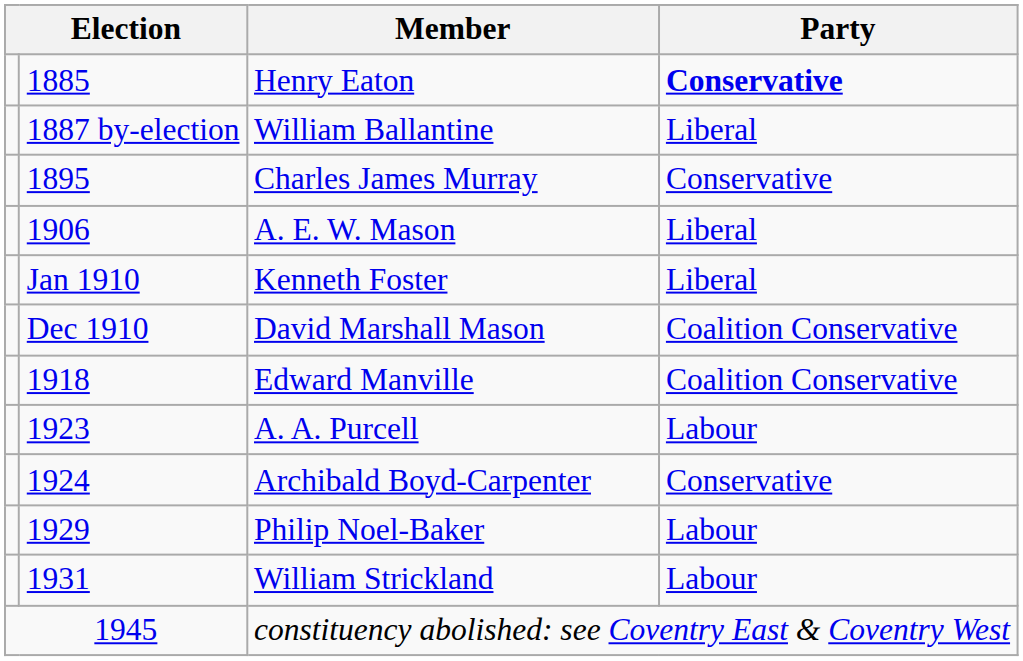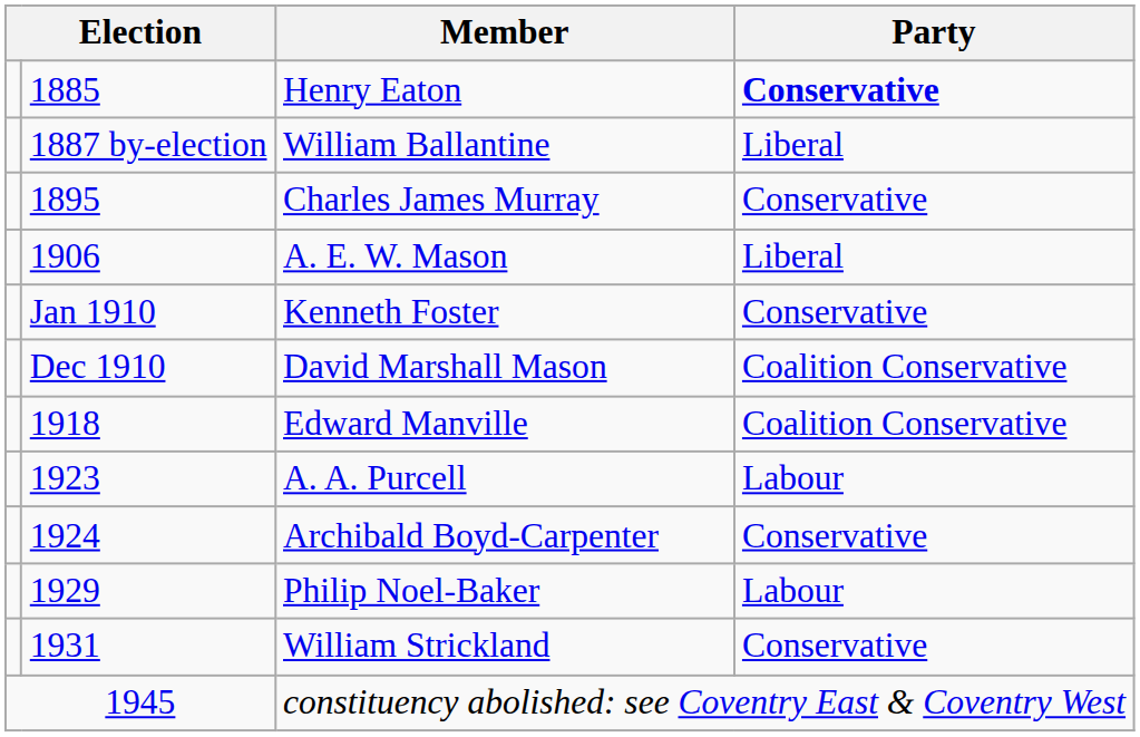 <table class="wikitable">
 <tr>
 <th colspan="2">Election</th>
 <th>Member</th>
 <th>Party</th>
 </tr>
 <tr>
 <td style="color:inherit;background-color: "></td>
 <td><a href='#'>1885</a></td>
 <td><a href='#'>Henry Eaton</a></td>
 <td><strong><a href='#'>Conservative</a></strong></td>
 </tr>
 <tr>
 <td style="color:inherit;background-color: "></td>
 <td><a href='#'>1887 by-election</a></td>
 <td><a href='#'>William Ballantine</a></td>
 <td><a href='#'>Liberal</a></td>
 </tr>
 <tr>
 <td style="color:inherit;background-color: "></td>
 <td><a href='#'>1895</a></td>
 <td><a href='#'>Charles James Murray</a></td>
 <td><a href='#'>Conservative</a></td>
 </tr>
 <tr>
 <td style="color:inherit;background-color: "></td>
 <td><a href='#'>1906</a></td>
 <td><a href='#'>A. E. W. Mason</a></td>
 <td><a href='#'>Liberal</a></td>
 </tr>
 <tr>
 <td style="color:inherit;background-color: "></td>
 <td><a href='#'>Jan 1910</a></td>
 <td><a href='#'>Kenneth Foster</a></td>
-<td><a href='#'>Liberal</a></td>
+<td><a href='#'>Conservative</a></td>
 </tr>
 <tr>
 <td style="color:inherit;background-color: "></td>
 <td><a href='#'>Dec 1910</a></td>
 <td><a href='#'>David Marshall Mason</a></td>
 <td><a href='#'>Coalition Conservative</a></td>
 </tr>
 <tr>
 <td style="color:inherit;background-color: "></td>
 <td><a href='#'>1918</a></td>
 <td><a href='#'>Edward Manville</a></td>
 <td><a href='#'>Coalition Conservative</a></td>
 </tr>
 <tr>
 <td style="color:inherit;background-color: "></td>
 <td><a href='#'>1923</a></td>
 <td><a href='#'>A. A. Purcell</a></td>
 <td><a href='#'>Labour</a></td>
 </tr>
 <tr>
 <td style="color:inherit;background-color: "></td>
 <td><a href='#'>1924</a></td>
 <td><a href='#'>Archibald Boyd-Carpenter</a></td>
 <td><a href='#'>Conservative</a></td>
 </tr>
 <tr>
 <td style="color:inherit;background-color: "></td>
 <td><a href='#'>1929</a></td>
 <td><a href='#'>Philip Noel-Baker</a></td>
 <td><a href='#'>Labour</a></td>
 </tr>
 <tr>
 <td style="color:inherit;background-color: "></td>
 <td><a href='#'>1931</a></td>
 <td><a href='#'>William Strickland</a></td>
-<td><a href='#'>Labour</a></td>
+<td><a href='#'>Conservative</a></td>
 </tr>
 <tr>
 <td colspan="2" align="center"><a href='#'>1945</a></td>
 <td colspan="2"><em>constituency abolished: see <a href='#'>Coventry East</a> & <a href='#'>Coventry West</a></em></td>
 </tr>
 </table>
